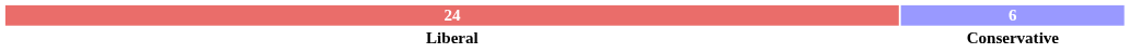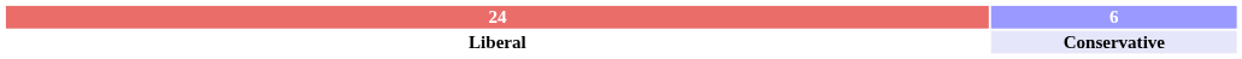 <table style="width:55%; text-align:center;">
 <tr style="color:white;">
 <td style="background:#EA6D6A; width:80.00%;"><strong>24</strong></td>
 <td style="background:#9999FF; width:20.00%;"><strong>6</strong></td>
 </tr>
 <tr>
 <td><span><strong>Liberal</strong></span></td>
-<td><span><strong>Conservative</strong></span></td>
+<td style="background: lavender;"><span><strong>Conservative</strong></span></td>
 </tr>
 </table>
